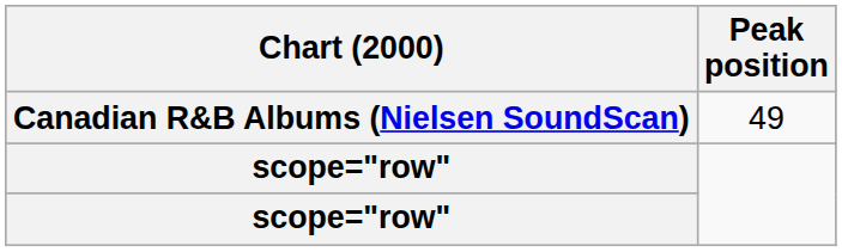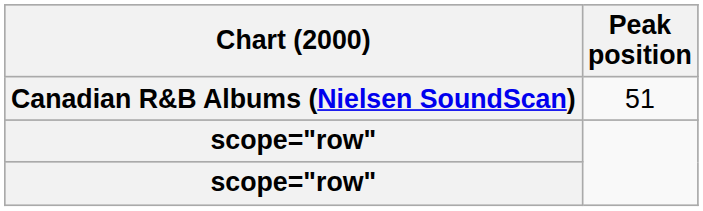 <table class="wikitable sortable plainrowheaders">
 <tr>
 <th scope="col">Chart (2000)</th>
 <th scope="col">Peak<br>position</th>
 </tr>
 <tr>
 <th scope="row">Canadian R&B Albums (<a href='#'>Nielsen SoundScan</a>)</th>
-<td style="text-align:center;">49</td>
+<td style="text-align:center;">51</td>
 </tr>
 <tr>
 <th>scope="row" </th>
 </tr>
 <tr>
 <th>scope="row" </th>
 </tr>
 </table>
